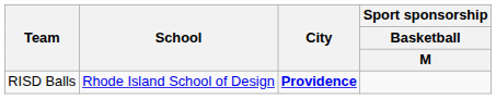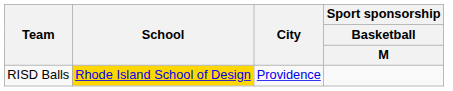 <table class="sortable wikitable">
 <tr>
 <th rowspan="3">Team</th>
 <th rowspan="3">School</th>
 <th rowspan="3">City</th>
 <th colspan="9">Sport sponsorship</th>
 </tr>
 <tr>
 <th colspan="1">Basketball</th>
 </tr>
 <tr>
 <th>M</th>
 </tr>
 <tr>
 <td>RISD Balls</td>
-<td><a href='#'>Rhode Island School of Design</a></td>
-<td><strong><a href='#'>Providence</a></strong></td>
+<td style="background: gold;"><a href='#'>Rhode Island School of Design</a></td>
+<td><a href='#'>Providence</a></td>
 <td></td>
 </tr>
 </table>
